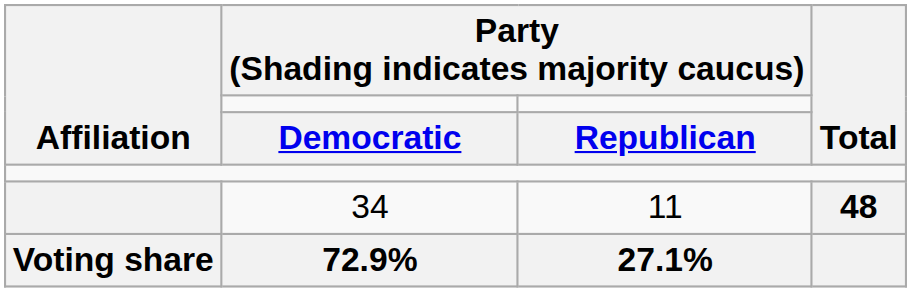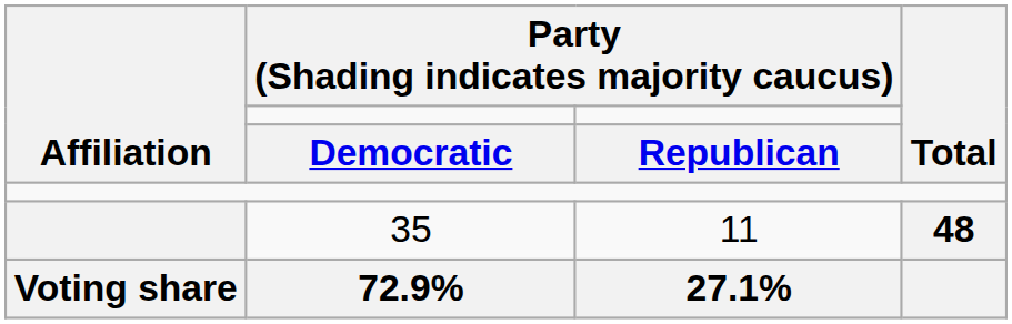 <table class=wikitable style="text-align:center">
 <tr style="vertical-align:bottom;">
 <th rowspan=3>Affiliation</th>
 <th colspan=2>Party <div>(Shading indicates majority caucus)</div></th>
 <th rowspan=3>Total</th>
 </tr>
 <tr style="height:5px">
 <td style="background-color:"></td>
 <td style="background-color:"></td>
 </tr>
 <tr>
 <th><a href='#'>Democratic</a></th>
 <th><a href='#'>Republican</a></th>
 </tr>
 <tr>
 <td colspan=5></td>
 </tr>
 <tr>
 <th nowrap style="font-size:80%"></th>
-<td>34</td>
+<td>35</td>
 <td>11</td>
 <th>48</th>
 </tr>
 <tr>
 <th>Voting share</th>
 <th>72.9%</th>
 <th>27.1%</th>
 <th colspan=2></th>
 </tr>
 </table>
